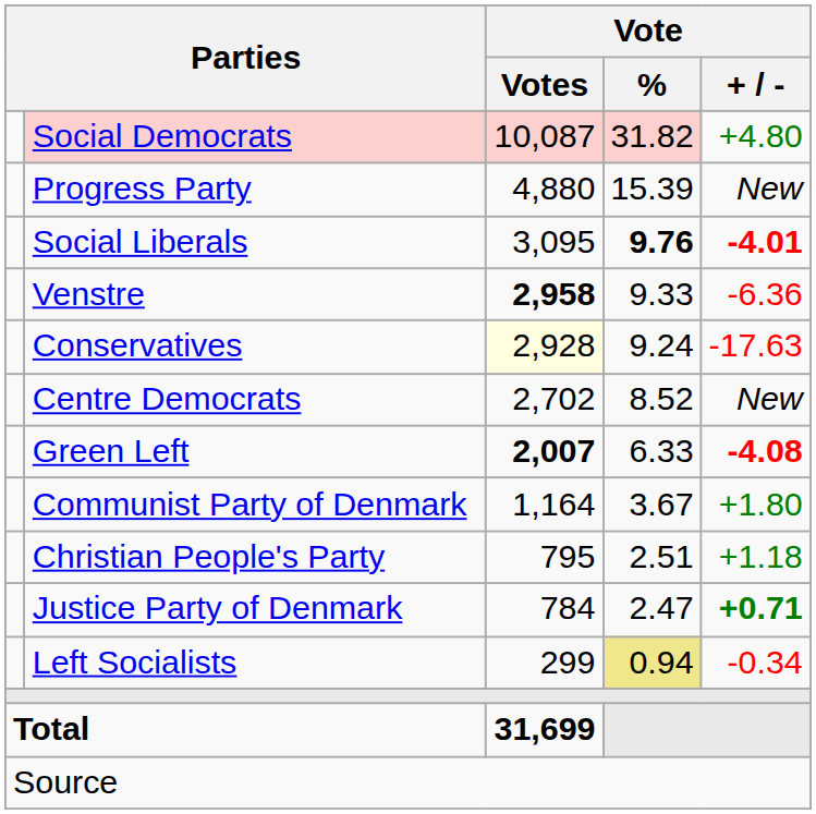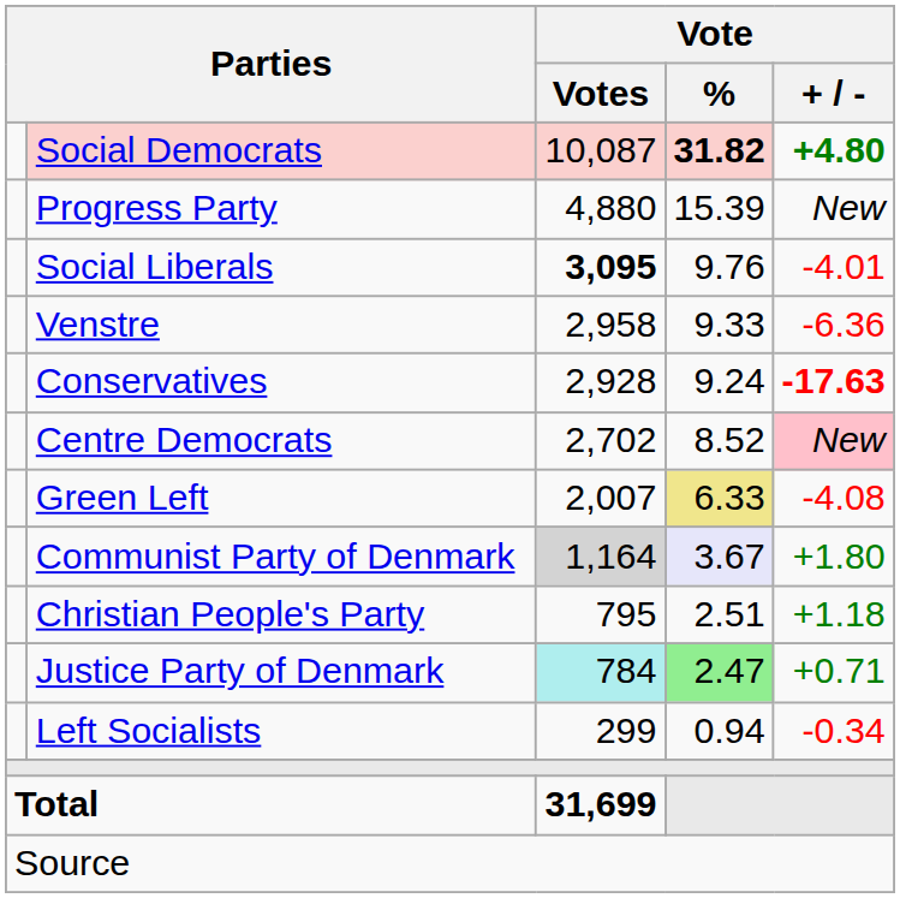 <table class="wikitable" style="text-align:right;">
 <tr>
 <th style="text-align:centre;" rowspan="2" colspan="2" width="225">Parties</th>
 <th colspan="3">Vote</th>
 </tr>
 <tr>
 <th width="15">Votes</th>
 <th width="15">%</th>
 <th width="15">+ / -</th>
 </tr>
 <tr>
 <td width="2" style="color:inherit;background:"></td>
 <td bgcolor=#fbd0ce  align="left"><a href='#'>Social Democrats</a></td>
 <td bgcolor=#fbd0ce>10,087</td>
-<td bgcolor=#fbd0ce>31.82</td>
-<td style=color:green;>+4.80</td>
+<td bgcolor=#fbd0ce><strong>31.82</strong></td>
+<td style=color:green;><strong>+4.80</strong></td>
 </tr>
 <tr>
 <td width="2" style="color:inherit;background:"></td>
 <td align="left"><a href='#'>Progress Party</a></td>
 <td>4,880</td>
 <td>15.39</td>
 <td><em>New</em></td>
 </tr>
 <tr>
 <td width="2" style="color:inherit;background:"></td>
 <td align="left"><a href='#'>Social Liberals</a></td>
-<td>3,095</td>
-<td><strong>9.76</strong></td>
-<td style=color:red;><strong>-4.01</strong></td>
+<td><strong>3,095</strong></td>
+<td>9.76</td>
+<td style=color:red;>-4.01</td>
 </tr>
 <tr>
 <td width="2" style="color:inherit;background:"></td>
 <td align="left"><a href='#'>Venstre</a></td>
-<td><strong>2,958</strong></td>
+<td>2,958</td>
 <td>9.33</td>
 <td style=color:red;>-6.36</td>
 </tr>
 <tr>
 <td width="2" style="color:inherit;background:"></td>
 <td align="left"><a href='#'>Conservatives</a></td>
-<td style="background: lightyellow;">2,928</td>
+<td>2,928</td>
 <td>9.24</td>
-<td style=color:red;>-17.63</td>
+<td style=color:red;><strong>-17.63</strong></td>
 </tr>
 <tr>
 <td width="2" style="color:inherit;background:"></td>
 <td align="left"><a href='#'>Centre Democrats</a></td>
 <td>2,702</td>
 <td>8.52</td>
-<td><em>New</em></td>
+<td style="background: pink;"><em>New</em></td>
 </tr>
 <tr>
 <td width="2" style="color:inherit;background:"></td>
 <td align="left"><a href='#'>Green Left</a></td>
-<td><strong>2,007</strong></td>
-<td>6.33</td>
-<td style=color:red;><strong>-4.08</strong></td>
+<td>2,007</td>
+<td style="background: khaki;">6.33</td>
+<td style=color:red;>-4.08</td>
 </tr>
 <tr>
 <td width="2" style="color:inherit;background:"></td>
 <td align="left"><a href='#'>Communist Party of Denmark</a></td>
-<td>1,164</td>
-<td>3.67</td>
+<td style="background: lightgrey;">1,164</td>
+<td style="background: lavender;">3.67</td>
 <td style=color:green;>+1.80</td>
 </tr>
 <tr>
 <td width="2" style="color:inherit;background:"></td>
 <td align="left"><a href='#'>Christian People's Party</a></td>
 <td>795</td>
 <td>2.51</td>
 <td style=color:green;>+1.18</td>
 </tr>
 <tr>
 <td width="2" style="color:inherit;background:"></td>
 <td align="left"><a href='#'>Justice Party of Denmark</a></td>
-<td>784</td>
-<td>2.47</td>
-<td style=color:green;><strong>+0.71</strong></td>
+<td style="background: paleturquoise;">784</td>
+<td style="background: lightgreen;">2.47</td>
+<td style=color:green;>+0.71</td>
 </tr>
 <tr>
 <td width="2" style="color:inherit;background:"></td>
 <td align="left"><a href='#'>Left Socialists</a></td>
 <td>299</td>
-<td style="background: khaki;">0.94</td>
+<td>0.94</td>
 <td style=color:red;>-0.34</td>
 </tr>
 <tr>
 <td colspan="7" bgcolor="#E9E9E9"></td>
 </tr>
 <tr>
 <td align="left" colspan="2"><strong>Total</strong></td>
 <td><strong>31,699</strong></td>
 <td bgcolor="#E9E9E9" colspan="2"></td>
 </tr>
 <tr>
 <td align="left" colspan="6">Source</td>
 </tr>
 </table>
